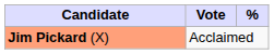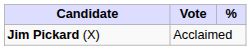 <table class="wikitable">
 <tr>
 <th style="background:#ddf; width:200px;">Candidate</th>
 <th style="background:#ddf; width:50px;">Vote</th>
 <th style="background:#ddf; width:30px;">%</th>
 </tr>
 <tr>
-<td style="background: lightsalmon;"><strong>Jim Pickard</strong> (X)</td>
+<td><strong>Jim Pickard</strong> (X)</td>
 <td colspan="2">Acclaimed</td>
 </tr>
 </table>
